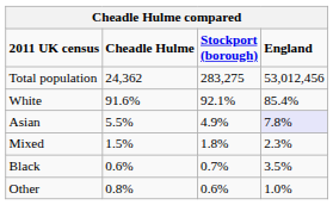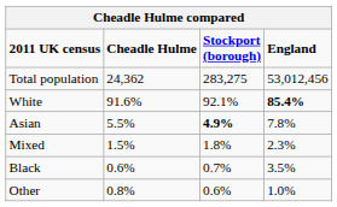 <table class="wikitable" style="float: right; margin-left: 2em; font-size: 90%;" cellspacing="3">
 <tr>
 <th colspan="4">Cheadle Hulme compared</th>
 </tr>
 <tr>
 <td><strong>2011 UK census</strong></td>
 <td><strong>Cheadle Hulme</strong></td>
 <td><strong><a href='#'>Stockport<br>(borough)</a></strong></td>
 <td><strong>England</strong></td>
 </tr>
 <tr>
 <td>Total population</td>
 <td>24,362</td>
 <td>283,275</td>
 <td>53,012,456</td>
 </tr>
 <tr>
 <td>White</td>
 <td>91.6%</td>
 <td>92.1%</td>
-<td>85.4%</td>
+<td><strong>85.4%</strong></td>
 </tr>
 <tr>
 <td>Asian</td>
 <td>5.5%</td>
-<td>4.9%</td>
-<td style="background: lavender;">7.8%</td>
+<td><strong>4.9%</strong></td>
+<td>7.8%</td>
 </tr>
 <tr>
 <td>Mixed</td>
 <td>1.5%</td>
 <td>1.8%</td>
 <td>2.3%</td>
 </tr>
 <tr>
 <td>Black</td>
 <td>0.6%</td>
 <td>0.7%</td>
 <td>3.5%</td>
 </tr>
 <tr>
 <td>Other</td>
 <td>0.8%</td>
 <td>0.6%</td>
 <td>1.0%</td>
 </tr>
 </table>
